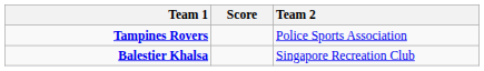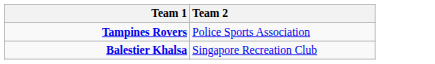 <table class="wikitable" style="align:center">
 <tr>
 <th width=250 style="text-align:right">Team 1</th>
-<th width=70 style="text-align:center">Score</th>
 <th width=250 style="text-align:left">Team 2</th>
 </tr>
 <tr>
 <td align="right"><strong><a href='#'>Tampines Rovers</a></strong></td>
-<td align="center"><span><strong></strong></span></td>
 <td><a href='#'>Police Sports Association</a></td>
 </tr>
 <tr>
 <td align="right"><strong><a href='#'>Balestier Khalsa</a></strong></td>
-<td align="center"><span><strong></strong></span></td>
 <td><a href='#'>Singapore Recreation Club</a></td>
 </tr>
 </table>
